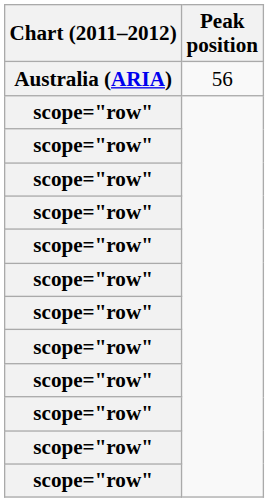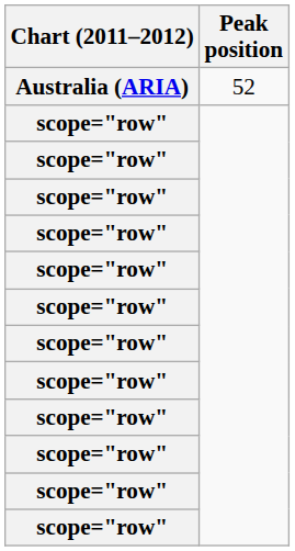 <table class="wikitable sortable plainrowheaders" style="text-align:center;">
 <tr>
 <th scope="col">Chart (2011–2012)</th>
 <th scope="col">Peak<br>position</th>
 </tr>
 <tr>
 <th scope="row">Australia (<a href='#'>ARIA</a>)</th>
-<td style="text-align:center;">56</td>
+<td style="text-align:center;">52</td>
 </tr>
 <tr>
 <th>scope="row"</th>
 </tr>
 <tr>
 <th>scope="row"</th>
 </tr>
 <tr>
 <th>scope="row"</th>
 </tr>
 <tr>
 <th>scope="row"</th>
 </tr>
 <tr>
 <th>scope="row"</th>
 </tr>
 <tr>
 <th>scope="row"</th>
 </tr>
 <tr>
 <th>scope="row"</th>
 </tr>
 <tr>
 <th>scope="row"</th>
 </tr>
 <tr>
 <th>scope="row"</th>
 </tr>
 <tr>
 <th>scope="row"</th>
 </tr>
 <tr>
 <th>scope="row"</th>
 </tr>
 <tr>
 <th>scope="row"</th>
 </tr>
 </table>
